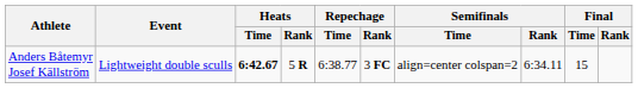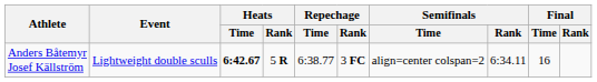 <table class="wikitable" style="font-size:90%;">
 <tr>
 <th rowspan="2">Athlete</th>
 <th rowspan="2">Event</th>
 <th colspan="2">Heats</th>
 <th colspan="2">Repechage</th>
 <th colspan="2">Semifinals</th>
 <th colspan="2">Final</th>
 </tr>
 <tr style="font-size:95%">
 <th>Time</th>
 <th>Rank</th>
 <th>Time</th>
 <th>Rank</th>
 <th>Time</th>
 <th>Rank</th>
 <th>Time</th>
 <th>Rank</th>
 </tr>
 <tr>
 <td align=left><a href='#'>Anders Båtemyr</a><br> <a href='#'>Josef Källström</a></td>
 <td align=left><a href='#'>Lightweight double sculls</a></td>
 <td align=center><strong>6:42.67</strong></td>
 <td align=center>5 <strong>R</strong></td>
 <td align=center>6:38.77</td>
 <td align=center>3 <strong>FC</strong></td>
 <td>align=center colspan=2 </td>
 <td align=center>6:34.11</td>
-<td align=center>15</td>
+<td align=center>16</td>
 </tr>
 </table>
